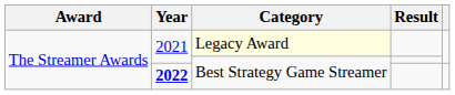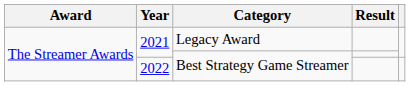 <table class="wikitable sortable plainrowheaders">
 <tr>
 <th scope="col">Award</th>
 <th scope="col">Year</th>
 <th scope="col">Category</th>
 <th scope="col">Result</th>
 <th scope="col" class="unsortable"></th>
 </tr>
 <tr>
 <td rowspan="3"><a href='#'>The Streamer Awards</a></td>
 <td rowspan="2"><a href='#'>2021</a></td>
-<td style="background: lightyellow;">Legacy Award</td>
+<td>Legacy Award</td>
 <td></td>
 <td rowspan="2"></td>
 </tr>
 <tr>
 <td rowspan="2">Best Strategy Game Streamer</td>
 <td></td>
 </tr>
 <tr>
-<td rowspan="1"><strong><a href='#'>2022</a></strong></td>
+<td rowspan="1"><a href='#'>2022</a></td>
 <td></td>
 <td></td>
 </tr>
 </table>
